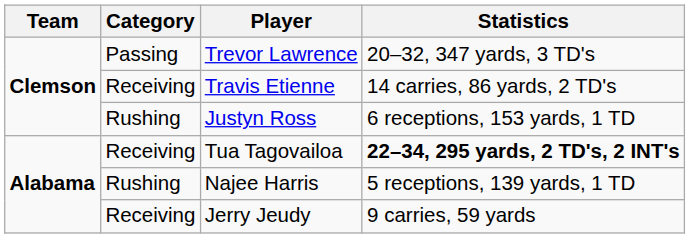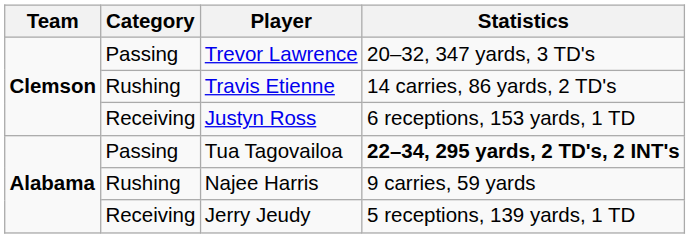 <table class="wikitable" style="float: right;">
 <tr>
 <th>Team</th>
 <th>Category</th>
 <th>Player</th>
 <th>Statistics</th>
 </tr>
 <tr>
 <td rowspan=3><strong>Clemson</strong></td>
 <td>Passing</td>
 <td><a href='#'>Trevor Lawrence</a></td>
 <td>20–32, 347 yards, 3 TD's</td>
 </tr>
 <tr>
-<td>Receiving</td>
+<td>Rushing</td>
 <td><a href='#'>Travis Etienne</a></td>
 <td>14 carries, 86 yards, 2 TD's</td>
 </tr>
 <tr>
-<td>Rushing</td>
+<td>Receiving</td>
 <td><a href='#'>Justyn Ross</a></td>
 <td>6 receptions, 153 yards, 1 TD</td>
 </tr>
 <tr>
 <td rowspan=3><strong>Alabama</strong></td>
-<td>Receiving</td>
+<td>Passing</td>
 <td>Tua Tagovailoa</td>
 <td><strong>22–34, 295 yards, 2 TD's, 2 INT's</strong></td>
 </tr>
 <tr>
 <td>Rushing</td>
 <td>Najee Harris</td>
-<td>5 receptions, 139 yards, 1 TD</td>
+<td>9 carries, 59 yards</td>
 </tr>
 <tr>
 <td>Receiving</td>
 <td>Jerry Jeudy</td>
-<td>9 carries, 59 yards</td>
+<td>5 receptions, 139 yards, 1 TD</td>
 </tr>
 </table>
